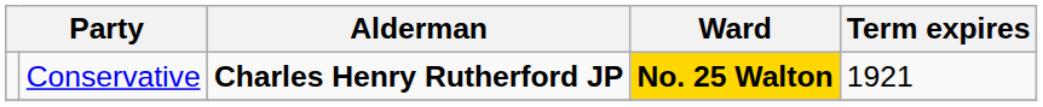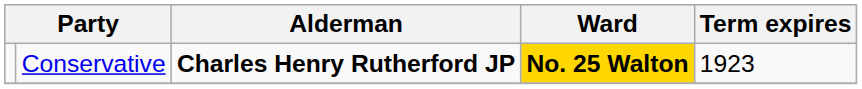 <table class="wikitable">
 <tr>
 <th colspan="2">Party</th>
 <th>Alderman</th>
 <th>Ward</th>
 <th>Term expires</th>
 </tr>
 <tr>
 <td style="background-color:"></td>
 <td><a href='#'>Conservative</a></td>
 <td><strong>Charles Henry Rutherford JP</strong></td>
 <td style="background: gold;"><strong>No. 25 Walton</strong></td>
-<td>1921</td>
+<td>1923</td>
 </tr>
 <tr>
 </tr>
 </table>
